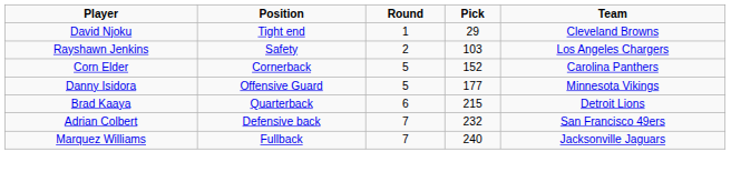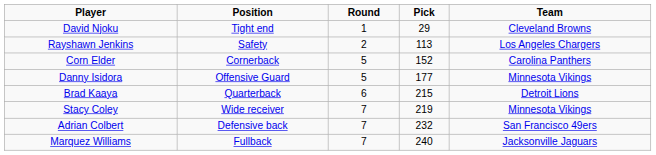 <table class="wikitable" style="width:80%;">
 <tr style="text-align:center; ">
 <td><strong>Player</strong></td>
 <td><strong>Position</strong></td>
 <td><strong>Round</strong></td>
 <td><strong>Pick</strong></td>
 <td><strong>Team</strong></td>
 </tr>
 <tr style="text-align:center;">
 <td><a href='#'>David Njoku</a></td>
 <td><a href='#'>Tight end</a></td>
 <td>1</td>
 <td>29</td>
 <td><a href='#'>Cleveland Browns</a></td>
 </tr>
 <tr style="text-align:center;">
 <td><a href='#'>Rayshawn Jenkins</a></td>
 <td><a href='#'>Safety</a></td>
 <td>2</td>
-<td>103</td>
+<td>113</td>
 <td><a href='#'>Los Angeles Chargers</a></td>
 </tr>
 <tr style="text-align:center;">
 <td><a href='#'>Corn Elder</a></td>
 <td><a href='#'>Cornerback</a></td>
 <td>5</td>
 <td>152</td>
 <td><a href='#'>Carolina Panthers</a></td>
 </tr>
 <tr style="text-align:center;">
 <td><a href='#'>Danny Isidora</a></td>
 <td><a href='#'>Offensive Guard</a></td>
 <td>5</td>
 <td>177</td>
 <td><a href='#'>Minnesota Vikings</a></td>
 </tr>
 <tr style="text-align:center;">
 <td><a href='#'>Brad Kaaya</a></td>
 <td><a href='#'>Quarterback</a></td>
 <td>6</td>
 <td>215</td>
 <td><a href='#'>Detroit Lions</a></td>
 </tr>
 <tr style="text-align:center;">
+<td><a href='#'>Stacy Coley</a></td>
+<td><a href='#'>Wide receiver</a></td>
+<td>7</td>
+<td>219</td>
+<td><a href='#'>Minnesota Vikings</a></td>
+</tr>
+<tr style="text-align:center;">
 <td><a href='#'>Adrian Colbert</a></td>
 <td><a href='#'>Defensive back</a></td>
 <td>7</td>
 <td>232</td>
 <td><a href='#'>San Francisco 49ers</a></td>
 </tr>
 <tr style="text-align:center;">
 <td><a href='#'>Marquez Williams</a></td>
 <td><a href='#'>Fullback</a></td>
 <td>7</td>
 <td>240</td>
 <td><a href='#'>Jacksonville Jaguars</a></td>
 </tr>
 </table>
